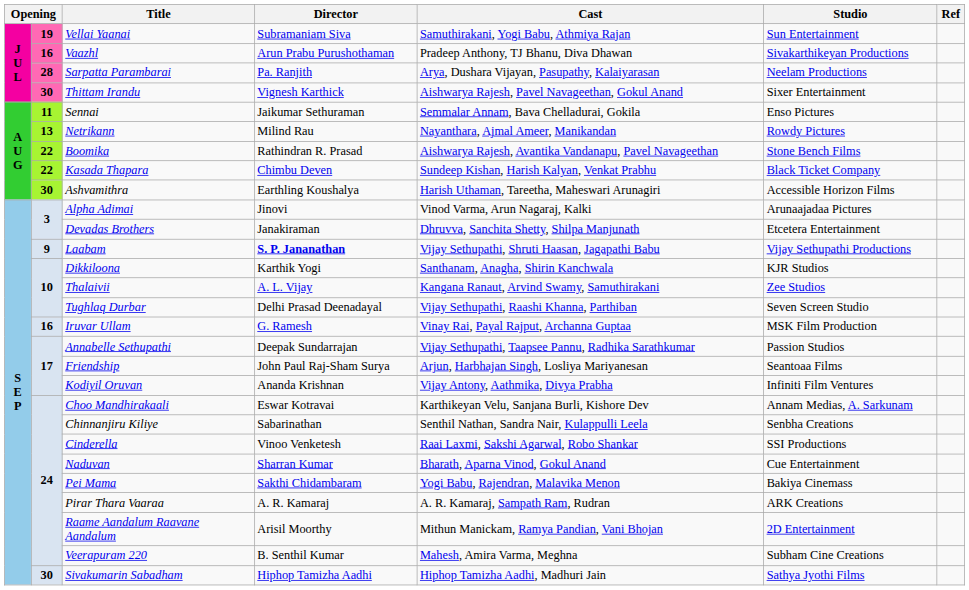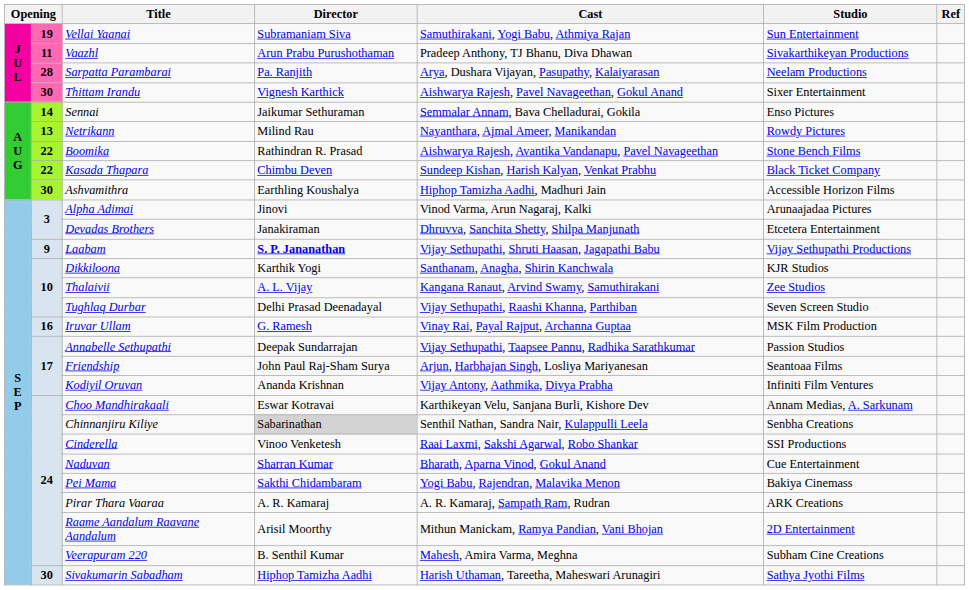 <table class="wikitable sortable">
 <tr>
 <th colspan="2">Opening</th>
 <th style="width:20%;">Title</th>
 <th>Director</th>
 <th>Cast</th>
 <th>Studio</th>
 <th>Ref</th>
 </tr>
 <tr>
 <td rowspan="4" style="text-align:center; background:#F400A1; textcolor:#000;"><strong>J<br>U<br>L</strong></td>
 <td style="text-align:center; background:hotPink;"><strong>19</strong></td>
 <td><em><a href='#'>Vellai Yaanai</a></em></td>
 <td><a href='#'>Subramaniam Siva</a></td>
 <td><a href='#'>Samuthirakani</a>,  <a href='#'>Yogi Babu</a>, <a href='#'>Athmiya Rajan</a></td>
 <td><a href='#'>Sun Entertainment</a></td>
 <td></td>
 </tr>
 <tr>
-<td style="text-align:center; background:hotPink;"><strong>16</strong></td>
+<td style="text-align:center; background:hotPink;"><strong>11</strong></td>
 <td><em><a href='#'>Vaazhl</a></em></td>
 <td><a href='#'>Arun Prabu Purushothaman</a></td>
 <td>Pradeep Anthony, TJ Bhanu, Diva Dhawan</td>
 <td><a href='#'>Sivakarthikeyan Productions</a></td>
 <td></td>
 </tr>
 <tr>
 <td style="text-align:center; background:hotPink;"><strong>28</strong></td>
 <td><em><a href='#'>Sarpatta Parambarai</a></em></td>
 <td><a href='#'>Pa. Ranjith</a></td>
 <td><a href='#'>Arya</a>, Dushara Vijayan, <a href='#'>Pasupathy</a>, <a href='#'>Kalaiyarasan</a></td>
 <td><a href='#'>Neelam Productions</a></td>
 <td></td>
 </tr>
 <tr>
 <td style="text-align:center; background:hotPink;"><strong>30</strong></td>
 <td><em><a href='#'>Thittam Irandu</a></em></td>
 <td><a href='#'>Vignesh Karthick</a></td>
 <td><a href='#'>Aishwarya Rajesh</a>, <a href='#'>Pavel Navageethan</a>, <a href='#'>Gokul Anand</a></td>
 <td>Sixer Entertainment</td>
 <td></td>
 </tr>
 <tr>
 <td rowspan="5" style="text-align:center; background:#32CD32; textcolor:#d580ff;"><strong>A<br>U<br>G</strong></td>
-<td style="text-align:center; background:#A7F432;"><strong>11</strong></td>
+<td style="text-align:center; background:#A7F432;"><strong>14</strong></td>
 <td><em>Sennai</em></td>
 <td>Jaikumar Sethuraman</td>
 <td><a href='#'>Semmalar Annam</a>, Bava Chelladurai, Gokila</td>
 <td>Enso Pictures</td>
 <td></td>
 </tr>
 <tr>
 <td style="text-align:center; background:#A7F432;"><strong>13</strong></td>
 <td><em><a href='#'>Netrikann</a></em></td>
 <td>Milind Rau</td>
 <td><a href='#'>Nayanthara</a>, <a href='#'>Ajmal Ameer</a>, <a href='#'>Manikandan</a></td>
 <td><a href='#'>Rowdy Pictures</a></td>
 <td></td>
 </tr>
 <tr>
 <td style="text-align:center; background:#A7F432;"><strong>22</strong></td>
 <td><em><a href='#'>Boomika</a></em></td>
 <td>Rathindran R. Prasad</td>
 <td><a href='#'>Aishwarya Rajesh</a>, <a href='#'>Avantika Vandanapu</a>, <a href='#'>Pavel Navageethan</a></td>
 <td><a href='#'>Stone Bench Films</a></td>
 <td></td>
 </tr>
 <tr>
 <td style="text-align:center; background:#A7F432;"><strong>22</strong></td>
 <td><em><a href='#'>Kasada Thapara</a></em></td>
 <td><a href='#'>Chimbu Deven</a></td>
 <td><a href='#'>Sundeep Kishan</a>, <a href='#'>Harish Kalyan</a>, <a href='#'>Venkat Prabhu</a></td>
 <td><a href='#'>Black Ticket Company</a></td>
 <td></td>
 </tr>
 <tr>
 <td style="text-align:center; background:#A7F432;"><strong>30</strong></td>
 <td><em>Ashvamithra</em></td>
 <td>Earthling Koushalya</td>
-<td><a href='#'>Harish Uthaman</a>, Tareetha, Maheswari Arunagiri</td>
+<td><a href='#'>Hiphop Tamizha Aadhi</a>, Madhuri Jain</td>
 <td>Accessible Horizon Films</td>
 <td></td>
 </tr>
 <tr>
 <td rowspan="19" style="text-align:center; background:#93CCEA; textcolor:#d580ff;"><strong>S<br>E<br>P</strong></td>
 <td rowspan="2" style="text-align:center; background:#d9e4f1;"><strong>3</strong></td>
 <td><em><a href='#'>Alpha Adimai</a></em></td>
 <td>Jinovi</td>
 <td>Vinod Varma, Arun Nagaraj, Kalki</td>
 <td>Arunaajadaa Pictures</td>
 <td></td>
 </tr>
 <tr>
 <td><em><a href='#'>Devadas Brothers</a></em></td>
 <td>Janakiraman</td>
 <td><a href='#'>Dhruvva</a>, <a href='#'>Sanchita Shetty</a>, <a href='#'>Shilpa Manjunath</a></td>
 <td>Etcetera Entertainment</td>
 <td></td>
 </tr>
 <tr>
 <td style="text-align:center; background:#d9e4f1;"><strong>9</strong></td>
 <td><em><a href='#'>Laabam</a></em></td>
 <td><strong><a href='#'>S. P. Jananathan</a></strong></td>
 <td><a href='#'>Vijay Sethupathi</a>, <a href='#'>Shruti Haasan</a>, <a href='#'>Jagapathi Babu</a></td>
 <td><a href='#'>Vijay Sethupathi Productions</a></td>
 <td></td>
 </tr>
 <tr>
 <td rowspan="3" style="text-align:center; background:#d9e4f1;"><strong>10</strong></td>
 <td><em><a href='#'>Dikkiloona</a></em></td>
 <td>Karthik Yogi</td>
 <td><a href='#'>Santhanam</a>, <a href='#'>Anagha</a>, <a href='#'>Shirin Kanchwala</a></td>
 <td>KJR Studios</td>
 <td></td>
 </tr>
 <tr>
 <td><em><a href='#'>Thalaivii</a></em></td>
 <td><a href='#'>A. L. Vijay</a></td>
 <td><a href='#'>Kangana Ranaut</a>, <a href='#'>Arvind Swamy</a>, <a href='#'>Samuthirakani</a></td>
 <td><a href='#'>Zee Studios</a></td>
 <td></td>
 </tr>
 <tr>
 <td><em><a href='#'>Tughlaq Durbar</a></em></td>
 <td>Delhi Prasad Deenadayal</td>
 <td><a href='#'>Vijay Sethupathi</a>, <a href='#'>Raashi Khanna</a>, <a href='#'>Parthiban</a></td>
 <td>Seven Screen Studio</td>
 <td></td>
 </tr>
 <tr>
 <td style="text-align:center; background:#d9e4f1;"><strong>16</strong></td>
 <td><em><a href='#'>Iruvar Ullam</a></em></td>
 <td><a href='#'>G. Ramesh</a></td>
 <td><a href='#'>Vinay Rai</a>, <a href='#'>Payal Rajput</a>, <a href='#'>Archanna Guptaa</a></td>
 <td>MSK Film Production</td>
 </tr>
 <tr>
 <td rowspan="3" style="text-align:center; background:#d9e4f1;"><strong>17</strong></td>
 <td><em><a href='#'>Annabelle Sethupathi</a></em></td>
 <td>Deepak Sundarrajan</td>
 <td><a href='#'>Vijay Sethupathi</a>, <a href='#'>Taapsee Pannu</a>, <a href='#'>Radhika Sarathkumar</a></td>
 <td>Passion Studios</td>
 <td></td>
 </tr>
 <tr>
 <td><em><a href='#'>Friendship</a></em></td>
 <td>John Paul Raj-Sham Surya</td>
 <td><a href='#'>Arjun</a>, <a href='#'>Harbhajan Singh</a>, Losliya Mariyanesan</td>
 <td>Seantoaa Films</td>
 <td></td>
 </tr>
 <tr>
 <td><em><a href='#'>Kodiyil Oruvan</a></em></td>
 <td>Ananda Krishnan</td>
 <td><a href='#'>Vijay Antony</a>, <a href='#'>Aathmika</a>, <a href='#'>Divya Prabha</a></td>
 <td>Infiniti Film Ventures</td>
 <td></td>
 </tr>
 <tr>
 <td rowspan="8" style="text-align:center; background:#d9e4f1;"><strong>24</strong></td>
 <td><em><a href='#'>Choo Mandhirakaali</a></em></td>
 <td>Eswar Kotravai</td>
 <td>Karthikeyan Velu, Sanjana Burli, Kishore Dev</td>
 <td>Annam Medias, <a href='#'>A. Sarkunam</a></td>
 <td></td>
 </tr>
 <tr>
 <td><em>Chinnanjiru Kiliye</em></td>
-<td>Sabarinathan</td>
+<td style="background: lightgrey;">Sabarinathan</td>
 <td>Senthil Nathan, Sandra Nair, <a href='#'>Kulappulli Leela</a></td>
 <td>Senbha Creations</td>
 <td></td>
 </tr>
 <tr>
 <td><em><a href='#'>Cinderella</a></em></td>
 <td>Vinoo Venketesh</td>
 <td><a href='#'>Raai Laxmi</a>, <a href='#'>Sakshi Agarwal</a>, <a href='#'>Robo Shankar</a></td>
 <td>SSI Productions</td>
 <td></td>
 </tr>
 <tr>
 <td><em><a href='#'>Naduvan</a></em></td>
 <td><a href='#'>Sharran Kumar</a></td>
 <td><a href='#'>Bharath</a>, <a href='#'>Aparna Vinod</a>, <a href='#'>Gokul Anand</a></td>
 <td>Cue Entertainment</td>
 <td></td>
 </tr>
 <tr>
 <td><em><a href='#'>Pei Mama</a></em></td>
 <td><a href='#'>Sakthi Chidambaram</a></td>
 <td><a href='#'>Yogi Babu</a>, <a href='#'>Rajendran</a>, <a href='#'>Malavika Menon</a></td>
 <td>Bakiya Cinemass</td>
 <td></td>
 </tr>
 <tr>
 <td><em>Pirar Thara Vaaraa</em></td>
 <td>A. R. Kamaraj</td>
 <td>A. R. Kamaraj, <a href='#'>Sampath Ram</a>, Rudran</td>
 <td>ARK Creations</td>
 <td></td>
 </tr>
 <tr>
 <td><em><a href='#'>Raame Aandalum Raavane Aandalum</a></em></td>
 <td>Arisil Moorthy</td>
 <td>Mithun Manickam, <a href='#'>Ramya Pandian</a>, <a href='#'>Vani Bhojan</a></td>
 <td><a href='#'>2D Entertainment</a></td>
 <td></td>
 </tr>
 <tr>
 <td><em><a href='#'>Veerapuram 220</a></em></td>
 <td>B. Senthil Kumar</td>
 <td><a href='#'>Mahesh</a>, Amira Varma, Meghna</td>
 <td>Subham Cine Creations</td>
 <td></td>
 </tr>
 <tr>
 <td style="text-align:center; background:#d9e4f1;"><strong>30</strong></td>
 <td><em><a href='#'>Sivakumarin Sabadham</a></em></td>
 <td><a href='#'>Hiphop Tamizha Aadhi</a></td>
-<td><a href='#'>Hiphop Tamizha Aadhi</a>, Madhuri Jain</td>
+<td><a href='#'>Harish Uthaman</a>, Tareetha, Maheswari Arunagiri</td>
 <td><a href='#'>Sathya Jyothi Films</a></td>
 <td></td>
 </tr>
 </table>
